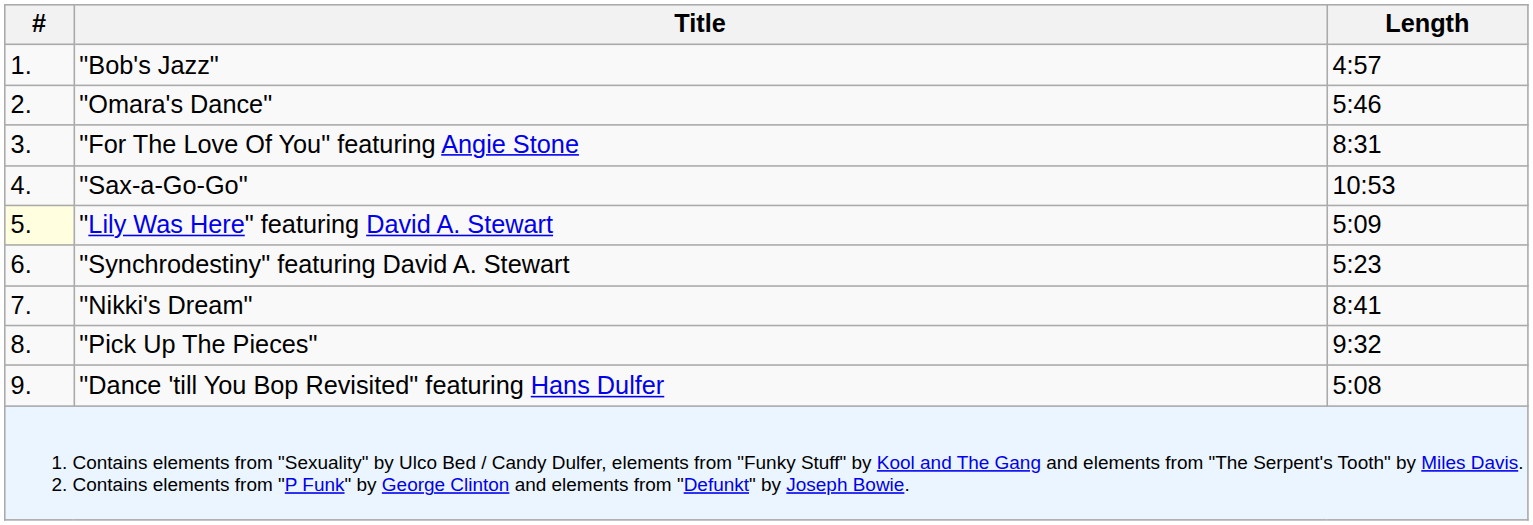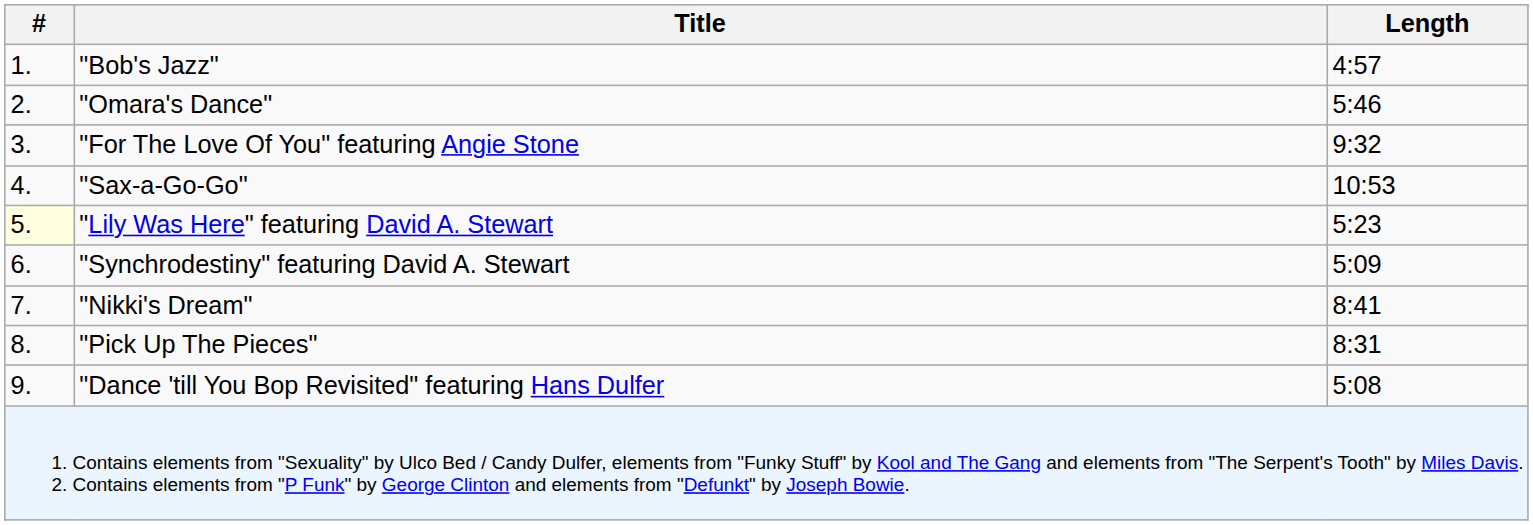 <table class="wikitable">
 <tr>
 <th bgcolor="#ebf5ff">#</th>
 <th bgcolor="#ebf5ff">Title</th>
 <th bgcolor="#ebf5ff">Length</th>
 </tr>
 <tr>
 <td>1.</td>
 <td>"Bob's Jazz"</td>
 <td>4:57</td>
 </tr>
 <tr>
 <td>2.</td>
 <td>"Omara's Dance"</td>
 <td>5:46</td>
 </tr>
 <tr>
 <td>3.</td>
 <td>"For The Love Of You" featuring <a href='#'>Angie Stone</a></td>
-<td>8:31</td>
+<td>9:32</td>
 </tr>
 <tr>
 <td>4.</td>
 <td>"Sax-a-Go-Go" </td>
 <td>10:53</td>
 </tr>
 <tr>
 <td style="background: lightyellow;">5.</td>
 <td>"<a href='#'>Lily Was Here</a>" featuring <a href='#'>David A. Stewart</a></td>
-<td>5:09</td>
+<td>5:23</td>
 </tr>
 <tr>
 <td>6.</td>
 <td>"Synchrodestiny" featuring David A. Stewart</td>
-<td>5:23</td>
+<td>5:09</td>
 </tr>
 <tr>
 <td>7.</td>
 <td>"Nikki's Dream"</td>
 <td>8:41</td>
 </tr>
 <tr>
 <td>8.</td>
 <td>"Pick Up The Pieces" </td>
-<td>9:32</td>
+<td>8:31</td>
 </tr>
 <tr>
 <td>9.</td>
 <td>"Dance 'till You Bop Revisited" featuring <a href='#'>Hans Dulfer</a></td>
 <td>5:08</td>
 </tr>
 <tr bgcolor="#ebf5ff" style="font-size:75%; ">
 <td colspan=3><br><ol><li> Contains elements from "Sexuality" by Ulco Bed / Candy Dulfer, elements from "Funky Stuff" by <a href='#'>Kool and The Gang</a> and elements from "The Serpent's Tooth" by <a href='#'>Miles Davis</a>.</li><li> Contains elements from "<a href='#'>P Funk</a>" by <a href='#'>George Clinton</a> and elements from "<a href='#'>Defunkt</a>" by <a href='#'>Joseph Bowie</a>.</li></ol></td>
 </tr>
 </table>
